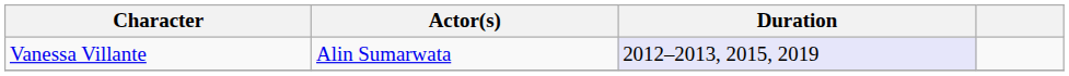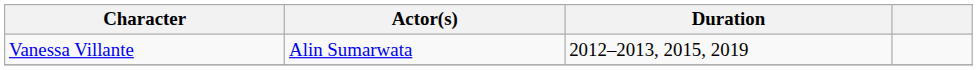 <table class="wikitable">
 <tr>
 <th scope="col" width="230">Character</th>
 <th scope="col" width="230">Actor(s)</th>
 <th scope="col" width="270">Duration</th>
 <th scope="col" width="60"></th>
 </tr>
 <tr>
 <td><a href='#'>Vanessa Villante</a></td>
 <td><a href='#'>Alin Sumarwata</a></td>
-<td style="background: lavender;">2012–2013, 2015, 2019</td>
+<td>2012–2013, 2015, 2019</td>
 <td></td>
 </tr>
 <tr>
 </tr>
 </table>
